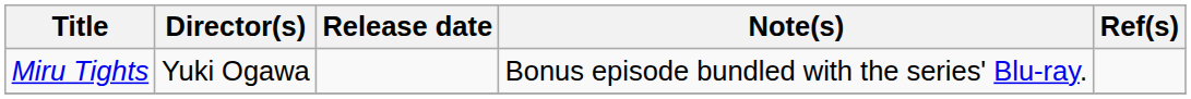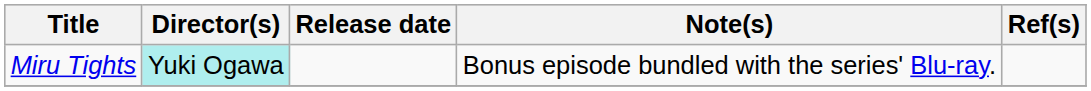 <table class="wikitable sortable">
 <tr>
 <th scope="col">Title</th>
 <th scope="col">Director(s)</th>
 <th scope="col">Release date</th>
 <th scope="col" class="unsortable">Note(s)</th>
 <th scope="col" class="unsortable">Ref(s)</th>
 </tr>
 <tr>
 <td><em><a href='#'>Miru Tights</a></em></td>
-<td>Yuki Ogawa</td>
+<td style="background: paleturquoise;">Yuki Ogawa</td>
 <td></td>
 <td>Bonus episode bundled with the series' <a href='#'>Blu-ray</a>.</td>
 <td style="text-align:center"></td>
 </tr>
 <tr>
 </tr>
 </table>
